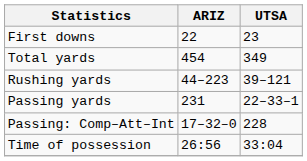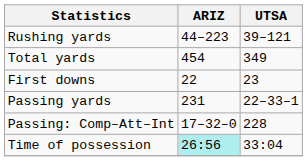 <table class="wikitable" style="float: left;">
 <tr>
 <th>Statistics</th>
 <th>ARIZ</th>
 <th>UTSA</th>
 </tr>
 <tr>
-<td>First downs</td>
-<td>22</td>
-<td>23</td>
+<td>Rushing yards</td>
+<td>44–223</td>
+<td>39–121</td>
 </tr>
 <tr>
 <td>Total yards</td>
 <td>454</td>
 <td>349</td>
 </tr>
 <tr>
-<td>Rushing yards</td>
-<td>44–223</td>
-<td>39–121</td>
+<td>First downs</td>
+<td>22</td>
+<td>23</td>
 </tr>
 <tr>
 <td>Passing yards</td>
 <td>231</td>
 <td>22–33–1</td>
 </tr>
 <tr>
 <td>Passing: Comp–Att–Int</td>
 <td>17–32–0</td>
 <td>228</td>
 </tr>
 <tr>
 <td>Time of possession</td>
-<td>26:56</td>
+<td style="background: paleturquoise;">26:56</td>
 <td>33:04</td>
 </tr>
 <tr>
 </tr>
 </table>
